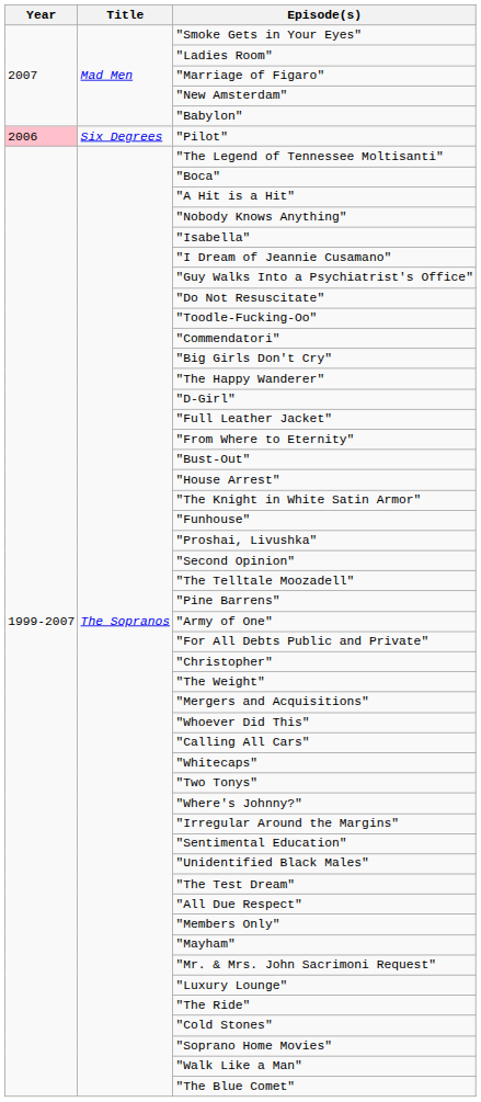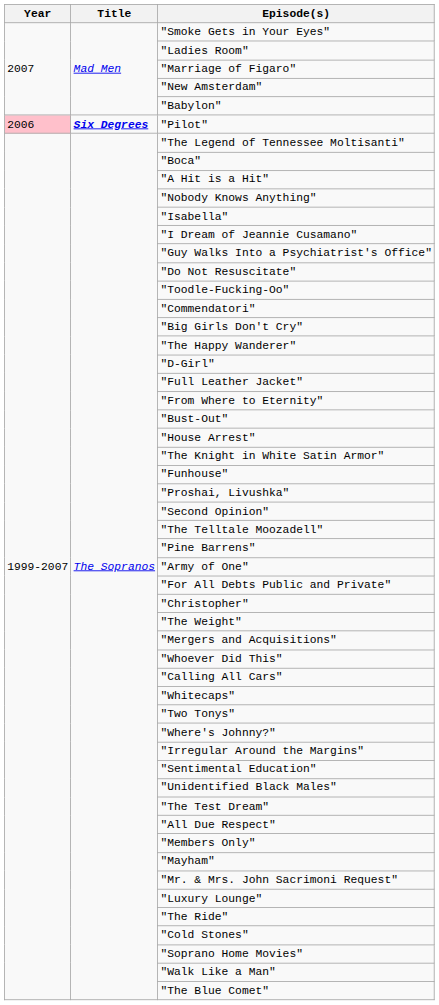 <table class="wikitable">
 <tr>
 <th>Year</th>
 <th>Title</th>
 <th>Episode(s)</th>
 </tr>
 <tr>
 <td rowspan=5>2007</td>
 <td rowspan=5><em><a href='#'>Mad Men</a></em></td>
 <td>"Smoke Gets in Your Eyes"</td>
 </tr>
 <tr>
 <td>"Ladies Room"</td>
 </tr>
 <tr>
 <td>"Marriage of Figaro"</td>
 </tr>
 <tr>
 <td>"New Amsterdam"</td>
 </tr>
 <tr>
 <td>"Babylon"</td>
 </tr>
 <tr>
 <td style="background: pink;">2006</td>
-<td><em><a href='#'>Six Degrees</a></em></td>
+<td><strong><em><a href='#'>Six Degrees</a></em></strong></td>
 <td>"Pilot"</td>
 </tr>
 <tr>
 <td rowspan=47>1999-2007</td>
 <td rowspan=47><em><a href='#'>The Sopranos</a></em></td>
 <td>"The Legend of Tennessee Moltisanti"</td>
 </tr>
 <tr>
 <td>"Boca"</td>
 </tr>
 <tr>
 <td>"A Hit is a Hit"</td>
 </tr>
 <tr>
 <td>"Nobody Knows Anything"</td>
 </tr>
 <tr>
 <td>"Isabella"</td>
 </tr>
 <tr>
 <td>"I Dream of Jeannie Cusamano"</td>
 </tr>
 <tr>
 <td>"Guy Walks Into a Psychiatrist's Office"</td>
 </tr>
 <tr>
 <td>"Do Not Resuscitate"</td>
 </tr>
 <tr>
 <td>"Toodle-Fucking-Oo"</td>
 </tr>
 <tr>
 <td>"Commendatori"</td>
 </tr>
 <tr>
 <td>"Big Girls Don't Cry"</td>
 </tr>
 <tr>
 <td>"The Happy Wanderer"</td>
 </tr>
 <tr>
 <td>"D-Girl"</td>
 </tr>
 <tr>
 <td>"Full Leather Jacket"</td>
 </tr>
 <tr>
 <td>"From Where to Eternity"</td>
 </tr>
 <tr>
 <td>"Bust-Out"</td>
 </tr>
 <tr>
 <td>"House Arrest"</td>
 </tr>
 <tr>
 <td>"The Knight in White Satin Armor"</td>
 </tr>
 <tr>
 <td>"Funhouse"</td>
 </tr>
 <tr>
 <td>"Proshai, Livushka"</td>
 </tr>
 <tr>
 <td>"Second Opinion"</td>
 </tr>
 <tr>
 <td>"The Telltale Moozadell"</td>
 </tr>
 <tr>
 <td>"Pine Barrens"</td>
 </tr>
 <tr>
 <td>"Army of One"</td>
 </tr>
 <tr>
 <td>"For All Debts Public and Private"</td>
 </tr>
 <tr>
 <td>"Christopher"</td>
 </tr>
 <tr>
 <td>"The Weight"</td>
 </tr>
 <tr>
 <td>"Mergers and Acquisitions"</td>
 </tr>
 <tr>
 <td>"Whoever Did This"</td>
 </tr>
 <tr>
 <td>"Calling All Cars"</td>
 </tr>
 <tr>
 <td>"Whitecaps"</td>
 </tr>
 <tr>
 <td>"Two Tonys"</td>
 </tr>
 <tr>
 <td>"Where's Johnny?"</td>
 </tr>
 <tr>
 <td>"Irregular Around the Margins"</td>
 </tr>
 <tr>
 <td>"Sentimental Education"</td>
 </tr>
 <tr>
 <td>"Unidentified Black Males"</td>
 </tr>
 <tr>
 <td>"The Test Dream"</td>
 </tr>
 <tr>
 <td>"All Due Respect"</td>
 </tr>
 <tr>
 <td>"Members Only"</td>
 </tr>
 <tr>
 <td>"Mayham"</td>
 </tr>
 <tr>
 <td>"Mr. & Mrs. John Sacrimoni Request"</td>
 </tr>
 <tr>
 <td>"Luxury Lounge"</td>
 </tr>
 <tr>
 <td>"The Ride"</td>
 </tr>
 <tr>
 <td>"Cold Stones"</td>
 </tr>
 <tr>
 <td>"Soprano Home Movies"</td>
 </tr>
 <tr>
 <td>"Walk Like a Man"</td>
 </tr>
 <tr>
 <td>"The Blue Comet"</td>
 </tr>
 </table>
